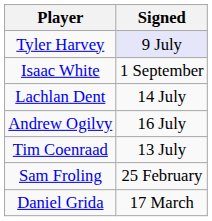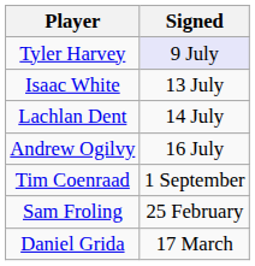 <table class="wikitable sortable sortable" style="text-align: center">
 <tr>
 <th>Player</th>
 <th>Signed</th>
 </tr>
 <tr>
 <td><a href='#'>Tyler Harvey</a></td>
 <td style="background: lavender;">9 July</td>
 </tr>
 <tr>
 <td><a href='#'>Isaac White</a></td>
-<td>1 September</td>
+<td>13 July</td>
 </tr>
 <tr>
 <td><a href='#'>Lachlan Dent</a></td>
 <td>14 July</td>
 </tr>
 <tr>
 <td><a href='#'>Andrew Ogilvy</a></td>
 <td>16 July</td>
 </tr>
 <tr>
 <td><a href='#'>Tim Coenraad</a></td>
-<td>13 July</td>
+<td>1 September</td>
 </tr>
 <tr>
 <td><a href='#'>Sam Froling</a></td>
 <td>25 February</td>
 </tr>
 <tr>
 <td><a href='#'>Daniel Grida</a></td>
 <td>17 March</td>
 </tr>
 </table>
